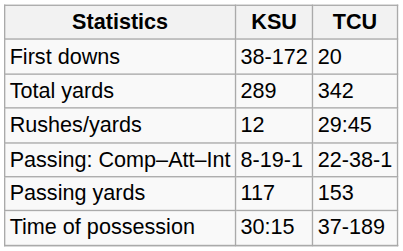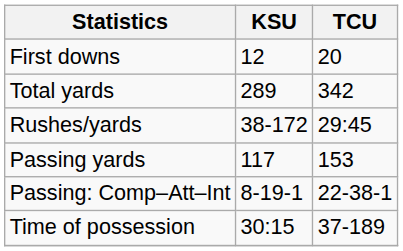 <table class="wikitable" style="float: left;">
 <tr>
 <th>Statistics</th>
 <th>KSU</th>
 <th>TCU</th>
 </tr>
 <tr>
 <td>First downs</td>
-<td>38-172</td>
+<td>12</td>
 <td>20</td>
 </tr>
 <tr>
 <td>Total yards</td>
 <td>289</td>
 <td>342</td>
 </tr>
 <tr>
 <td>Rushes/yards</td>
-<td>12</td>
+<td>38-172</td>
 <td>29:45</td>
+</tr>
+<tr>
+<td>Passing yards</td>
+<td>117</td>
+<td>153</td>
 </tr>
 <tr>
 <td>Passing: Comp–Att–Int</td>
 <td>8-19-1</td>
 <td>22-38-1</td>
-</tr>
-<tr>
-<td>Passing yards</td>
-<td>117</td>
-<td>153</td>
 </tr>
 <tr>
 <td>Time of possession</td>
 <td>30:15</td>
 <td>37-189</td>
 </tr>
 <tr>
 </tr>
 </table>
